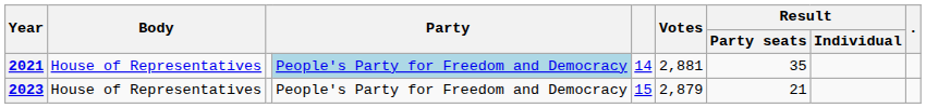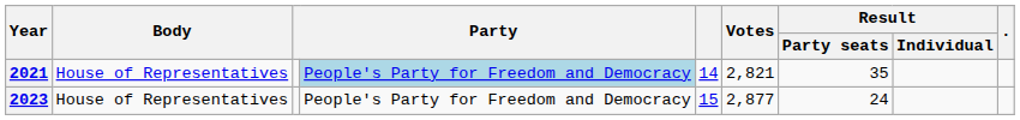 <table class="wikitable plainrowheaders sortable" border=2 cellpadding=4 cellspacing=0 style="border: 1px #aaa solid; font-size: 90%; text-align:center;">
 <tr>
 <th scope="col" rowspan=2>Year</th>
 <th scope="col" rowspan=2>Body</th>
 <th scope="col" colspan=2 rowspan=2>Party</th>
 <th scope="col" rowspan=2></th>
 <th scope="col" rowspan=2>Votes</th>
 <th scope="colgroup" colspan=2>Result</th>
 <th scope="col" rowspan=2 class="unsortable">.</th>
 </tr>
 <tr>
 <th scope="col">Party seats</th>
 <th scope="col">Individual</th>
 </tr>
 <tr>
 <th scope="row"><a href='#'>2021</a></th>
 <td><a href='#'>House of Representatives</a></td>
 <td style="background-color:"></td>
 <td style="background: lightblue;"><a href='#'>People's Party for Freedom and Democracy</a></td>
 <td style=text-align:right><a href='#'>14</a></td>
-<td style=text-align:right>2,881</td>
+<td style=text-align:right>2,821</td>
 <td style=text-align:right>35</td>
 <td></td>
 <td></td>
 </tr>
 <tr>
 <th scope="row"><a href='#'>2023</a></th>
 <td>House of Representatives</td>
 <td style="background-color:"></td>
 <td>People's Party for Freedom and Democracy</td>
 <td style=text-align:right><a href='#'>15</a></td>
-<td style=text-align:right>2,879</td>
-<td style=text-align:right>21</td>
+<td style=text-align:right>2,877</td>
+<td style=text-align:right>24</td>
 <td></td>
 <td></td>
 </tr>
 </table>
